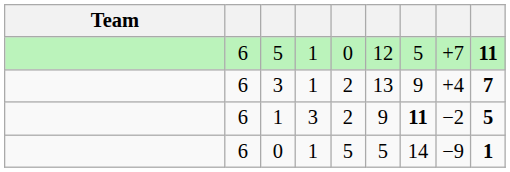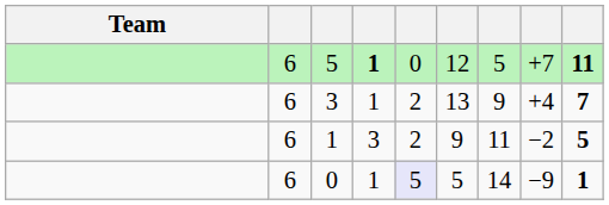 <table class="wikitable" style="text-align: center;">
 <tr>
 <th width=165>Team</th>
 <th width=20></th>
 <th width=20></th>
 <th width=20></th>
 <th width=20></th>
 <th width=20></th>
 <th width=20></th>
 <th width=20></th>
 <th width=20></th>
 </tr>
 <tr bgcolor=#BBF3BB>
 <td align=left></td>
 <td>6</td>
 <td>5</td>
-<td>1</td>
+<td><strong>1</strong></td>
 <td>0</td>
 <td>12</td>
 <td>5</td>
 <td>+7</td>
 <td><strong>11</strong></td>
 </tr>
 <tr>
 <td align="left"></td>
 <td>6</td>
 <td>3</td>
 <td>1</td>
 <td>2</td>
 <td>13</td>
 <td>9</td>
 <td>+4</td>
 <td><strong>7</strong></td>
 </tr>
 <tr>
 <td align=left></td>
 <td>6</td>
 <td>1</td>
 <td>3</td>
 <td>2</td>
 <td>9</td>
-<td><strong>11</strong></td>
+<td>11</td>
 <td>−2</td>
 <td><strong>5</strong></td>
 </tr>
 <tr>
 <td align=left></td>
 <td>6</td>
 <td>0</td>
 <td>1</td>
-<td>5</td>
+<td style="background: lavender;">5</td>
 <td>5</td>
 <td>14</td>
 <td>−9</td>
 <td><strong>1</strong></td>
 </tr>
 </table>
